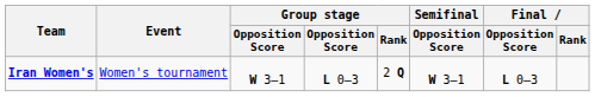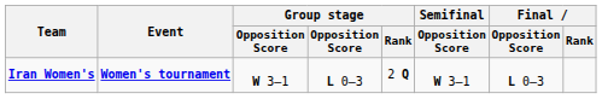 <table class=wikitable style=font-size:90%;text-align:center>
 <tr>
 <th rowspan=2>Team</th>
 <th rowspan=2>Event</th>
 <th colspan=3>Group stage</th>
 <th>Semifinal</th>
 <th colspan=2>Final / </th>
 </tr>
 <tr style=font-size:95%>
 <th>Opposition<br>Score</th>
 <th>Opposition<br>Score</th>
 <th>Rank</th>
 <th>Opposition<br>Score</th>
 <th>Opposition<br>Score</th>
 <th>Rank</th>
 </tr>
 <tr>
 <td align=left><strong><a href='#'>Iran Women's</a></strong></td>
-<td align=left><a href='#'>Women's tournament</a></td>
+<td align=left><strong><a href='#'>Women's tournament</a></strong></td>
 <td><br><strong>W</strong> 3–1</td>
 <td><br><strong>L</strong> 0–3</td>
 <td>2 <strong>Q</strong></td>
 <td><br><strong>W</strong> 3–1</td>
 <td><br><strong>L</strong> 0–3</td>
 <td></td>
 </tr>
 </table>
